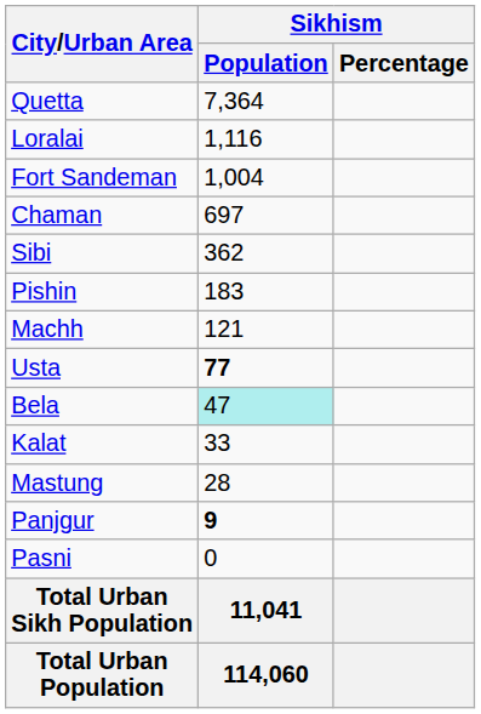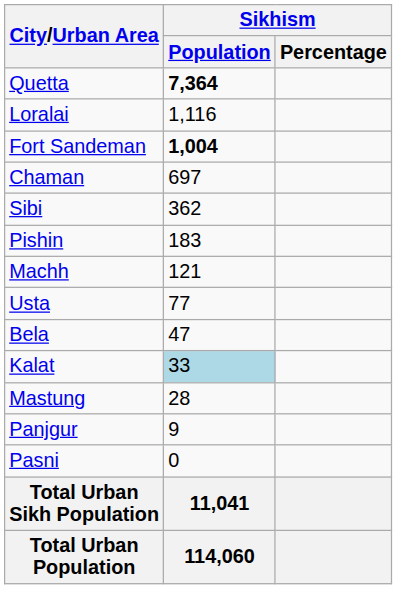 <table class="wikitable sortable">
 <tr>
 <th rowspan="2"><a href='#'>City</a>/<a href='#'>Urban Area</a></th>
 <th colspan="2"><a href='#'>Sikhism</a> </th>
 </tr>
 <tr>
 <th><a href='#'>Population</a></th>
 <th>Percentage</th>
 </tr>
 <tr>
 <td><a href='#'>Quetta</a></td>
-<td>7,364</td>
+<td><strong>7,364</strong></td>
 <td></td>
 </tr>
 <tr>
 <td><a href='#'>Loralai</a></td>
 <td>1,116</td>
 <td></td>
 </tr>
 <tr>
 <td><a href='#'>Fort Sandeman</a></td>
-<td>1,004</td>
+<td><strong>1,004</strong></td>
 <td></td>
 </tr>
 <tr>
 <td><a href='#'>Chaman</a></td>
 <td>697</td>
 <td></td>
 </tr>
 <tr>
 <td><a href='#'>Sibi</a></td>
 <td>362</td>
 <td></td>
 </tr>
 <tr>
 <td><a href='#'>Pishin</a></td>
 <td>183</td>
 <td></td>
 </tr>
 <tr>
 <td><a href='#'>Machh</a></td>
 <td>121</td>
 <td></td>
 </tr>
 <tr>
 <td><a href='#'>Usta</a></td>
-<td><strong>77</strong></td>
+<td>77</td>
 <td></td>
 </tr>
 <tr>
 <td><a href='#'>Bela</a></td>
-<td style="background: paleturquoise;">47</td>
+<td>47</td>
 <td></td>
 </tr>
 <tr>
 <td><a href='#'>Kalat</a></td>
-<td>33</td>
+<td style="background: lightblue;">33</td>
 <td></td>
 </tr>
 <tr>
 <td><a href='#'>Mastung</a></td>
 <td>28</td>
 <td></td>
 </tr>
 <tr>
 <td><a href='#'>Panjgur</a></td>
-<td><strong>9</strong></td>
+<td>9</td>
 <td></td>
 </tr>
 <tr>
 <td><a href='#'>Pasni</a></td>
 <td>0</td>
 <td></td>
 </tr>
 <tr>
 <th>Total Urban<br>Sikh Population</th>
 <th>11,041</th>
 <th></th>
 </tr>
 <tr>
 <th>Total Urban<br>Population</th>
 <th>114,060</th>
 <th></th>
 </tr>
 </table>
